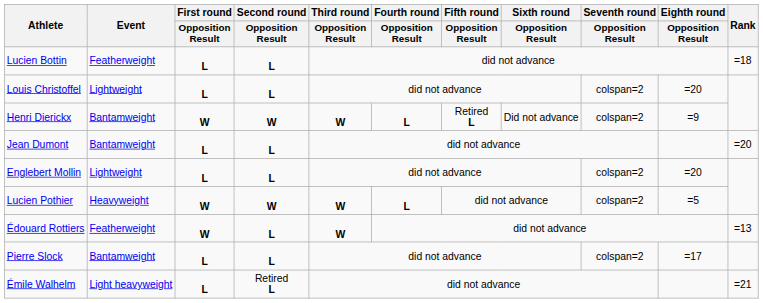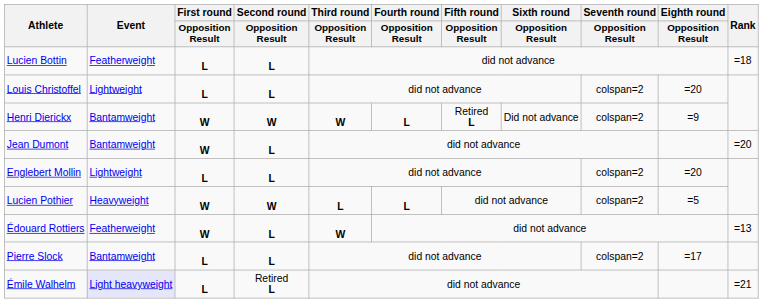 <table class="wikitable" style="font-size:90%;">
 <tr>
 <th rowspan=2>Athlete</th>
 <th rowspan=2>Event</th>
 <th>First round</th>
 <th>Second round</th>
 <th>Third round</th>
 <th>Fourth round</th>
 <th>Fifth round</th>
 <th>Sixth round</th>
 <th>Seventh round</th>
 <th>Eighth round</th>
 <th rowspan=2>Rank</th>
 </tr>
 <tr style="font-size: 95%">
 <th>Opposition<br>Result</th>
 <th>Opposition<br>Result</th>
 <th>Opposition<br>Result</th>
 <th>Opposition<br>Result</th>
 <th>Opposition<br>Result</th>
 <th>Opposition<br>Result</th>
 <th>Opposition<br>Result</th>
 <th>Opposition<br>Result</th>
 </tr>
 <tr align=center>
 <td align=left><a href='#'>Lucien Bottin</a></td>
 <td align=left><a href='#'>Featherweight</a></td>
 <td> <br> <strong>L</strong></td>
 <td> <br> <strong>L</strong></td>
 <td colspan=6>did not advance</td>
 <td>=18</td>
 </tr>
 <tr align=center>
 <td align=left><a href='#'>Louis Christoffel</a></td>
 <td align=left><a href='#'>Lightweight</a></td>
 <td> <br> <strong>L</strong></td>
 <td> <br> <strong>L</strong></td>
 <td colspan=4>did not advance</td>
 <td>colspan=2 </td>
 <td>=20</td>
 </tr>
 <tr align=center>
 <td align=left><a href='#'>Henri Dierickx</a></td>
 <td align=left><a href='#'>Bantamweight</a></td>
 <td> <br> <strong>W</strong></td>
 <td> <br> <strong>W</strong></td>
 <td> <br> <strong>W</strong></td>
 <td> <br> <strong>L</strong></td>
 <td>Retired <br> <strong>L</strong></td>
 <td>Did not advance</td>
 <td>colspan=2 </td>
 <td>=9</td>
 </tr>
 <tr align=center>
 <td align=left><a href='#'>Jean Dumont</a></td>
 <td align=left><a href='#'>Bantamweight</a></td>
-<td> <br> <strong>L</strong></td>
+<td> <br> <strong>W</strong></td>
 <td> <br> <strong>L</strong></td>
 <td colspan=5>did not advance</td>
 <td></td>
 <td>=20</td>
 </tr>
 <tr align=center>
 <td align=left><a href='#'>Englebert Mollin</a></td>
 <td align=left><a href='#'>Lightweight</a></td>
 <td> <br> <strong>L</strong></td>
 <td> <br> <strong>L</strong></td>
 <td colspan=4>did not advance</td>
 <td>colspan=2 </td>
 <td>=20</td>
 </tr>
 <tr align=center>
 <td align=left><a href='#'>Lucien Pothier</a></td>
 <td align=left><a href='#'>Heavyweight</a></td>
 <td> <br> <strong>W</strong></td>
 <td> <br> <strong>W</strong></td>
-<td> <br> <strong>W</strong></td>
+<td> <br> <strong>L</strong></td>
 <td> <br> <strong>L</strong></td>
 <td colspan=2>did not advance</td>
 <td>colspan=2 </td>
 <td>=5</td>
 </tr>
 <tr align=center>
 <td align=left><a href='#'>Édouard Rottiers</a></td>
 <td align=left><a href='#'>Featherweight</a></td>
 <td> <br> <strong>W</strong></td>
 <td> <br> <strong>L</strong></td>
 <td> <br> <strong>W</strong></td>
 <td colspan=5>did not advance</td>
 <td>=13</td>
 </tr>
 <tr align=center>
 <td align=left><a href='#'>Pierre Slock</a></td>
 <td align=left><a href='#'>Bantamweight</a></td>
 <td> <br> <strong>L</strong></td>
 <td> <br> <strong>L</strong></td>
 <td colspan=4>did not advance</td>
 <td>colspan=2 </td>
 <td>=17</td>
 </tr>
 <tr align=center>
 <td align=left><a href='#'>Émile Walhelm</a></td>
-<td align=left><a href='#'>Light heavyweight</a></td>
+<td align=left style="background: lavender;"><a href='#'>Light heavyweight</a></td>
 <td> <br> <strong>L</strong></td>
 <td>Retired <br> <strong>L</strong></td>
 <td colspan=5>did not advance</td>
 <td></td>
 <td>=21</td>
 </tr>
 </table>
